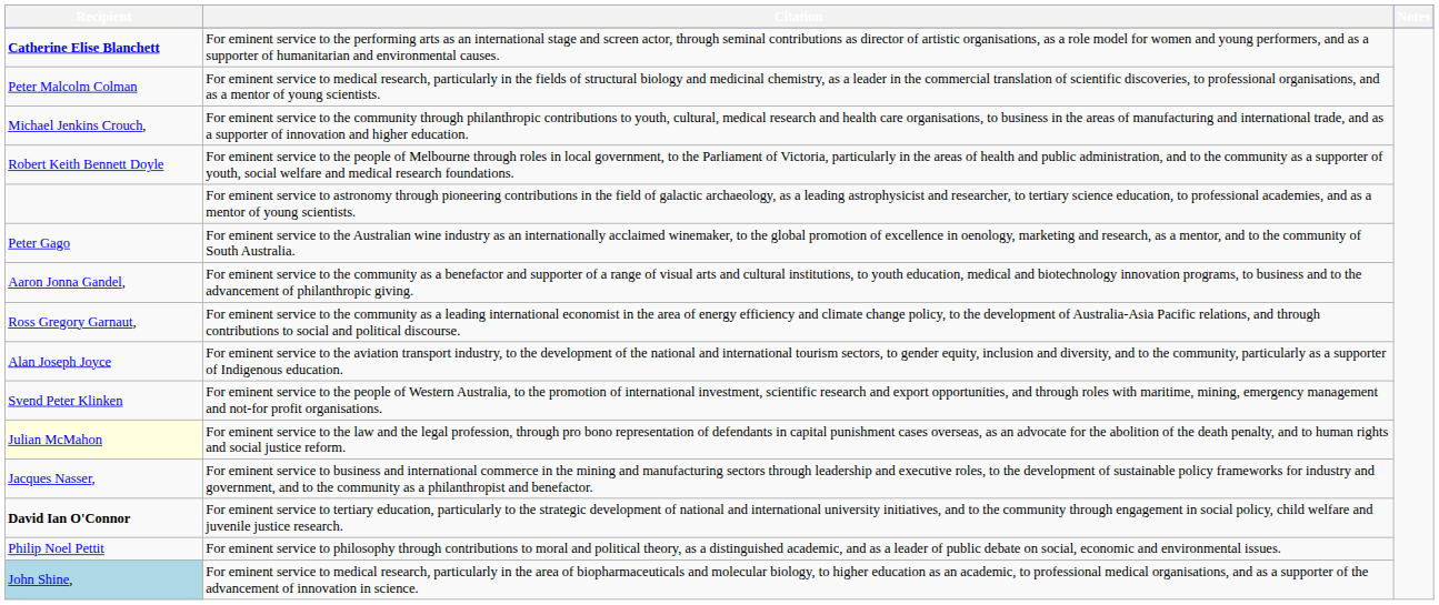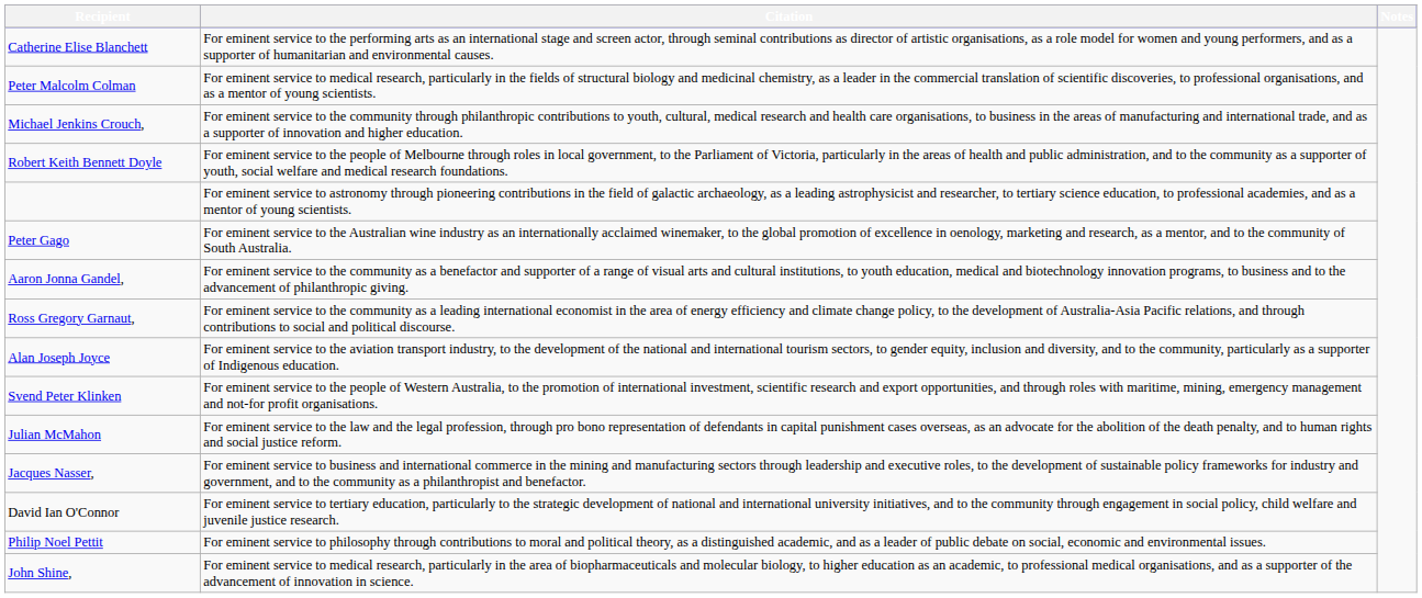 <table class="wikitable" style="font-size:95%;">
 <tr style="background: blue; color: white">
 <th style="width:210px;">Recipient</th>
 <th>Citation</th>
 <th>Notes</th>
 </tr>
 <tr>
-<td><strong><a href='#'>Catherine Elise Blanchett</a></strong></td>
+<td><a href='#'>Catherine Elise Blanchett</a></td>
 <td>For eminent service to the performing arts as an international stage and screen actor, through seminal contributions as director of artistic organisations, as a role model for women and young performers, and as a supporter of humanitarian and environmental causes.</td>
 <td rowspan=15></td>
 </tr>
 <tr>
 <td> <a href='#'>Peter Malcolm Colman</a> </td>
 <td>For eminent service to medical research, particularly in the fields of structural biology and medicinal chemistry, as a leader in the commercial translation of scientific discoveries, to professional organisations, and as a mentor of young scientists.</td>
 </tr>
 <tr>
 <td><a href='#'>Michael Jenkins Crouch</a>, </td>
 <td>For eminent service to the community through philanthropic contributions to youth, cultural, medical research and health care organisations, to business in the areas of manufacturing and international trade, and as a supporter of innovation and higher education.</td>
 </tr>
 <tr>
 <td> <a href='#'>Robert Keith Bennett Doyle</a></td>
 <td>For eminent service to the people of Melbourne through roles in local government, to the Parliament of Victoria, particularly in the areas of health and public administration, and to the community as a supporter of youth, social welfare and medical research foundations.</td>
 </tr>
 <tr>
 <td></td>
 <td>For eminent service to astronomy through pioneering contributions in the field of galactic archaeology, as a leading astrophysicist and researcher, to tertiary science education, to professional academies, and as a mentor of young scientists.</td>
 </tr>
 <tr>
 <td><a href='#'>Peter Gago</a></td>
 <td>For eminent service to the Australian wine industry as an internationally acclaimed winemaker, to the global promotion of excellence in oenology, marketing and research, as a mentor, and to the community of South Australia.</td>
 </tr>
 <tr>
 <td><a href='#'>Aaron Jonna Gandel</a>, </td>
 <td>For eminent service to the community as a benefactor and supporter of a range of visual arts and cultural institutions, to youth education, medical and biotechnology innovation programs, to business and to the advancement of philanthropic giving.</td>
 </tr>
 <tr>
 <td> <a href='#'>Ross Gregory Garnaut</a>, </td>
 <td>For eminent service to the community as a leading international economist in the area of energy efficiency and climate change policy, to the development of Australia-Asia Pacific relations, and through contributions to social and political discourse.</td>
 </tr>
 <tr>
 <td><a href='#'>Alan Joseph Joyce</a></td>
 <td>For eminent service to the aviation transport industry, to the development of the national and international tourism sectors, to gender equity, inclusion and diversity, and to the community, particularly as a supporter of Indigenous education.</td>
 </tr>
 <tr>
 <td> <a href='#'>Svend Peter Klinken</a></td>
 <td>For eminent service to the people of Western Australia, to the promotion of international investment, scientific research and export opportunities, and through roles with maritime, mining, emergency management and not-for profit organisations.</td>
 </tr>
 <tr>
-<td style="background: lightyellow;"><a href='#'>Julian McMahon</a></td>
+<td><a href='#'>Julian McMahon</a></td>
 <td>For eminent service to the law and the legal profession, through pro bono representation of defendants in capital punishment cases overseas, as an advocate for the abolition of the death penalty, and to human rights and social justice reform.</td>
 </tr>
 <tr>
 <td><a href='#'>Jacques Nasser</a>, </td>
 <td>For eminent service to business and international commerce in the mining and manufacturing sectors through leadership and executive roles, to the development of sustainable policy frameworks for industry and government, and to the community as a philanthropist and benefactor.</td>
 </tr>
 <tr>
-<td><strong> David Ian O'Connor</strong></td>
+<td> David Ian O'Connor</td>
 <td>For eminent service to tertiary education, particularly to the strategic development of national and international university initiatives, and to the community through engagement in social policy, child welfare and juvenile justice research.</td>
 </tr>
 <tr>
 <td> <a href='#'>Philip Noel Pettit</a></td>
 <td>For eminent service to philosophy through contributions to moral and political theory, as a distinguished academic, and as a leader of public debate on social, economic and environmental issues.</td>
 </tr>
 <tr>
-<td style="background: lightblue;"> <a href='#'>John Shine</a>, </td>
+<td> <a href='#'>John Shine</a>, </td>
 <td>For eminent service to medical research, particularly in the area of biopharmaceuticals and molecular biology, to higher education as an academic, to professional medical organisations, and as a supporter of the advancement of innovation in science.</td>
 </tr>
 </table>
